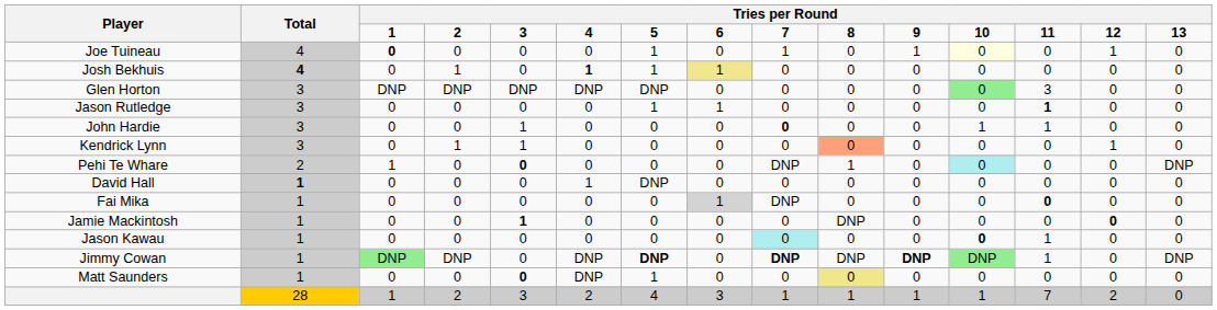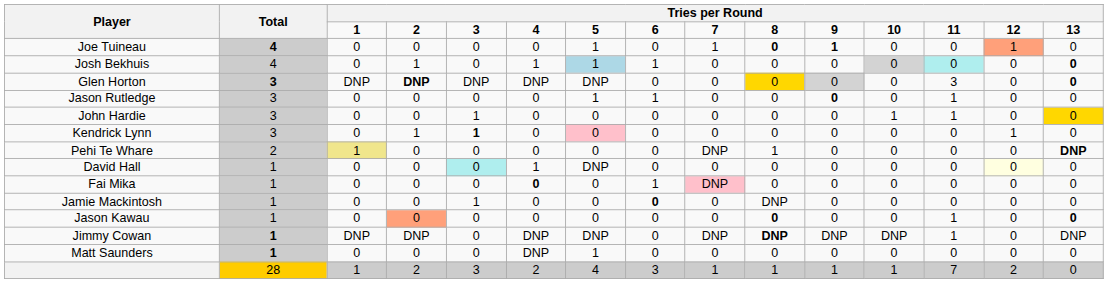 <table class="wikitable" style="text-align:center; line-height: 90%; font-size:90%;" width=100%>
 <tr>
 <th rowspan=2 width=18%>Player</th>
 <th rowspan=2 width=9%>Total</th>
 <th colspan=13>Tries per Round</th>
 </tr>
 <tr>
 <td width=5%><strong>1</strong></td>
 <td width=5%><strong>2</strong></td>
 <td width=5%><strong>3</strong></td>
 <td width=5%><strong>4</strong></td>
 <td width=5%><strong>5</strong></td>
 <td width=5%><strong>6</strong></td>
 <td width=5%><strong>7</strong></td>
 <td width=5%><strong>8</strong></td>
 <td width=5%><strong>9</strong></td>
 <td width=5%><strong>10</strong></td>
 <td width=5%><strong>11</strong></td>
 <td width=5%><strong>12</strong></td>
 <td width=5%><strong>13</strong></td>
 </tr>
 <tr>
 <td>Joe Tuineau</td>
-<td bgcolor=#cccccc>4</td>
-<td><strong>0</strong></td>
+<td bgcolor=#cccccc><strong>4</strong></td>
+<td>0</td>
 <td>0</td>
 <td>0</td>
 <td>0</td>
 <td>1</td>
 <td>0</td>
 <td>1</td>
+<td><strong>0</strong></td>
+<td><strong>1</strong></td>
 <td>0</td>
-<td>1</td>
-<td style="background: lightyellow;">0</td>
 <td>0</td>
-<td>1</td>
+<td style="background: lightsalmon;">1</td>
 <td>0</td>
 </tr>
 <tr>
 <td>Josh Bekhuis</td>
-<td bgcolor=#cccccc><strong>4</strong></td>
+<td bgcolor=#cccccc>4</td>
 <td>0</td>
 <td>1</td>
 <td>0</td>
-<td><strong>1</strong></td>
 <td>1</td>
-<td style="background: khaki;">1</td>
+<td style="background: lightblue;">1</td>
+<td>1</td>
 <td>0</td>
 <td>0</td>
 <td>0</td>
+<td style="background: lightgrey;">0</td>
+<td style="background: paleturquoise;">0</td>
 <td>0</td>
-<td>0</td>
-<td>0</td>
-<td>0</td>
+<td><strong>0</strong></td>
 </tr>
 <tr>
 <td>Glen Horton</td>
-<td bgcolor=#cccccc>3</td>
+<td bgcolor=#cccccc><strong>3</strong></td>
 <td>DNP</td>
-<td>DNP</td>
+<td><strong>DNP</strong></td>
 <td>DNP</td>
 <td>DNP</td>
 <td>DNP</td>
 <td>0</td>
 <td>0</td>
+<td style="background: gold;">0</td>
+<td style="background: lightgrey;">0</td>
 <td>0</td>
-<td>0</td>
-<td style="background: lightgreen;">0</td>
 <td>3</td>
 <td>0</td>
-<td>0</td>
+<td><strong>0</strong></td>
 </tr>
 <tr>
 <td>Jason Rutledge</td>
 <td bgcolor=#cccccc>3</td>
 <td>0</td>
 <td>0</td>
 <td>0</td>
 <td>0</td>
 <td>1</td>
 <td>1</td>
 <td>0</td>
 <td>0</td>
+<td><strong>0</strong></td>
 <td>0</td>
-<td>0</td>
-<td><strong>1</strong></td>
+<td>1</td>
 <td>0</td>
 <td>0</td>
 </tr>
 <tr>
 <td>John Hardie</td>
 <td bgcolor=#cccccc>3</td>
 <td>0</td>
 <td>0</td>
 <td>1</td>
 <td>0</td>
 <td>0</td>
 <td>0</td>
-<td><strong>0</strong></td>
+<td>0</td>
 <td>0</td>
 <td>0</td>
 <td>1</td>
 <td>1</td>
 <td>0</td>
-<td>0</td>
+<td style="background: gold;">0</td>
 </tr>
 <tr>
 <td>Kendrick Lynn</td>
 <td bgcolor=#cccccc>3</td>
 <td>0</td>
 <td>1</td>
-<td>1</td>
+<td><strong>1</strong></td>
+<td>0</td>
+<td style="background: pink;">0</td>
 <td>0</td>
 <td>0</td>
 <td>0</td>
-<td>0</td>
-<td style="background: lightsalmon;">0</td>
 <td>0</td>
 <td>0</td>
 <td>0</td>
 <td>1</td>
 <td>0</td>
 </tr>
 <tr>
 <td>Pehi Te Whare</td>
 <td bgcolor=#cccccc>2</td>
-<td>1</td>
+<td style="background: khaki;">1</td>
 <td>0</td>
-<td><strong>0</strong></td>
+<td>0</td>
 <td>0</td>
 <td>0</td>
 <td>0</td>
 <td>DNP</td>
 <td>1</td>
 <td>0</td>
-<td style="background: paleturquoise;">0</td>
 <td>0</td>
 <td>0</td>
-<td>DNP</td>
+<td>0</td>
+<td><strong>DNP</strong></td>
 </tr>
 <tr>
 <td>David Hall</td>
-<td bgcolor=#cccccc><strong>1</strong></td>
+<td bgcolor=#cccccc>1</td>
 <td>0</td>
 <td>0</td>
-<td>0</td>
+<td style="background: paleturquoise;">0</td>
 <td>1</td>
 <td>DNP</td>
 <td>0</td>
 <td>0</td>
 <td>0</td>
 <td>0</td>
 <td>0</td>
 <td>0</td>
-<td>0</td>
+<td style="background: lightyellow;">0</td>
 <td>0</td>
 </tr>
 <tr>
 <td>Fai Mika</td>
 <td bgcolor=#cccccc>1</td>
 <td>0</td>
 <td>0</td>
 <td>0</td>
+<td><strong>0</strong></td>
 <td>0</td>
-<td>0</td>
-<td style="background: lightgrey;">1</td>
-<td>DNP</td>
+<td>1</td>
+<td style="background: pink;">DNP</td>
 <td>0</td>
 <td>0</td>
 <td>0</td>
-<td><strong>0</strong></td>
+<td>0</td>
 <td>0</td>
 <td>0</td>
 </tr>
 <tr>
 <td>Jamie Mackintosh</td>
 <td bgcolor=#cccccc>1</td>
 <td>0</td>
 <td>0</td>
-<td><strong>1</strong></td>
+<td>1</td>
 <td>0</td>
 <td>0</td>
-<td>0</td>
+<td><strong>0</strong></td>
 <td>0</td>
 <td>DNP</td>
 <td>0</td>
 <td>0</td>
 <td>0</td>
-<td><strong>0</strong></td>
+<td>0</td>
 <td>0</td>
 </tr>
 <tr>
 <td>Jason Kawau</td>
 <td bgcolor=#cccccc>1</td>
 <td>0</td>
+<td style="background: lightsalmon;">0</td>
 <td>0</td>
 <td>0</td>
 <td>0</td>
 <td>0</td>
 <td>0</td>
-<td style="background: paleturquoise;">0</td>
+<td><strong>0</strong></td>
 <td>0</td>
 <td>0</td>
-<td><strong>0</strong></td>
 <td>1</td>
 <td>0</td>
-<td>0</td>
+<td><strong>0</strong></td>
 </tr>
 <tr>
 <td>Jimmy Cowan</td>
-<td bgcolor=#cccccc>1</td>
-<td style="background: lightgreen;">DNP</td>
+<td bgcolor=#cccccc><strong>1</strong></td>
+<td>DNP</td>
+<td>DNP</td>
+<td>0</td>
+<td>DNP</td>
 <td>DNP</td>
 <td>0</td>
 <td>DNP</td>
 <td><strong>DNP</strong></td>
-<td>0</td>
-<td><strong>DNP</strong></td>
 <td>DNP</td>
-<td><strong>DNP</strong></td>
-<td style="background: lightgreen;">DNP</td>
+<td>DNP</td>
 <td>1</td>
 <td>0</td>
 <td>DNP</td>
 </tr>
 <tr>
 <td>Matt Saunders</td>
-<td bgcolor=#cccccc>1</td>
+<td bgcolor=#cccccc><strong>1</strong></td>
 <td>0</td>
 <td>0</td>
-<td><strong>0</strong></td>
+<td>0</td>
 <td>DNP</td>
 <td>1</td>
 <td>0</td>
 <td>0</td>
-<td style="background: khaki;">0</td>
+<td>0</td>
 <td>0</td>
 <td>0</td>
 <td>0</td>
 <td>0</td>
 <td>0</td>
 </tr>
 <tr>
 <th></th>
 <td bgcolor=#ffcc00>28</td>
 <td bgcolor=#cccccc>1</td>
 <td bgcolor=#cccccc>2</td>
 <td bgcolor=#cccccc>3</td>
 <td bgcolor=#cccccc>2</td>
 <td bgcolor=#cccccc>4</td>
 <td bgcolor=#cccccc>3</td>
 <td bgcolor=#cccccc>1</td>
 <td bgcolor=#cccccc>1</td>
 <td bgcolor=#cccccc>1</td>
 <td bgcolor=#cccccc>1</td>
 <td bgcolor=#cccccc>7</td>
 <td bgcolor=#cccccc>2</td>
 <td bgcolor=#cccccc>0</td>
 </tr>
 </table>
